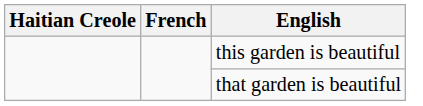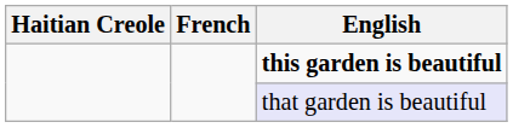 <table class="wikitable">
 <tr>
 <th scope="col">Haitian Creole</th>
 <th scope="col">French</th>
 <th scope="col">English</th>
 </tr>
 <tr>
 <td rowspan="2"></td>
 <td rowspan="2"></td>
-<td>this garden is beautiful</td>
+<td><strong>this garden is beautiful</strong></td>
 </tr>
 <tr>
-<td>that garden is beautiful</td>
+<td style="background: lavender;">that garden is beautiful</td>
 </tr>
 </table>
